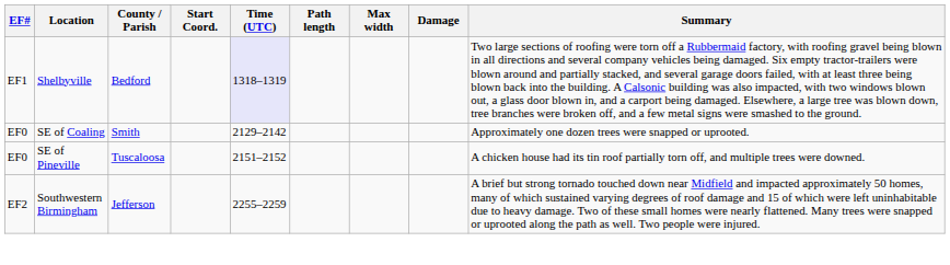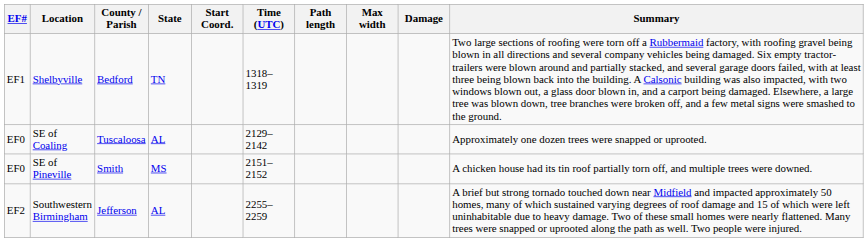 <table class="wikitable sortable" style="width:100%;">
 <tr>
 <th scope="col"  style="width:3%; text-align:center;"><a href='#'>EF#</a></th>
 <th scope="col"  style="width:7%; text-align:center;" class="unsortable">Location</th>
 <th scope="col"  style="width:6%; text-align:center;" class="unsortable">County / Parish</th>
+<th scope="col"  style="width:5%; text-align:center;">State</th>
 <th scope="col"  style="width:6%; text-align:center;">Start Coord.</th>
 <th scope="col"  style="width:6%; text-align:center;">Time (<a href='#'>UTC</a>)</th>
 <th scope="col"  style="width:6%; text-align:center;">Path length</th>
 <th scope="col"  style="width:6%; text-align:center;">Max width</th>
 <th scope="col"  style="width:6%; text-align:center;">Damage</th>
 <th scope="col" class="unsortable" style="width:48%; text-align:center;">Summary</th>
 </tr>
 <tr>
 <td>EF1</td>
 <td><a href='#'>Shelbyville</a></td>
 <td><a href='#'>Bedford</a></td>
+<td><a href='#'>TN</a></td>
 <td></td>
-<td style="background: lavender;">1318–1319</td>
+<td>1318–1319</td>
 <td></td>
 <td></td>
 <td></td>
 <td>Two large sections of roofing were torn off a <a href='#'>Rubbermaid</a> factory, with roofing gravel being blown in all directions and several company vehicles being damaged. Six empty tractor-trailers were blown around and partially stacked, and several garage doors failed, with at least three being blown back into the building. A <a href='#'>Calsonic</a> building was also impacted, with two windows blown out, a glass door blown in, and a carport being damaged. Elsewhere, a large tree was blown down, tree branches were broken off, and a few metal signs were smashed to the ground.</td>
 </tr>
 <tr>
 <td>EF0</td>
 <td>SE of <a href='#'>Coaling</a></td>
-<td><a href='#'>Smith</a></td>
+<td><a href='#'>Tuscaloosa</a></td>
+<td><a href='#'>AL</a></td>
 <td></td>
 <td>2129–2142</td>
 <td></td>
 <td></td>
 <td></td>
 <td>Approximately one dozen trees were snapped or uprooted.</td>
 </tr>
 <tr>
 <td>EF0</td>
 <td>SE of <a href='#'>Pineville</a></td>
-<td><a href='#'>Tuscaloosa</a></td>
+<td><a href='#'>Smith</a></td>
+<td><a href='#'>MS</a></td>
 <td></td>
 <td>2151–2152</td>
 <td></td>
 <td></td>
 <td></td>
 <td>A chicken house had its tin roof partially torn off, and multiple trees were downed.</td>
 </tr>
 <tr>
 <td>EF2</td>
 <td>Southwestern <a href='#'>Birmingham</a></td>
 <td><a href='#'>Jefferson</a></td>
+<td><a href='#'>AL</a></td>
 <td></td>
 <td>2255–2259</td>
 <td></td>
 <td></td>
 <td></td>
 <td>A brief but strong tornado touched down near <a href='#'>Midfield</a> and impacted approximately 50 homes, many of which sustained varying degrees of roof damage and 15 of which were left uninhabitable due to heavy damage. Two of these small homes were nearly flattened. Many trees were snapped or uprooted along the path as well. Two people were injured.</td>
 </tr>
 </table>
